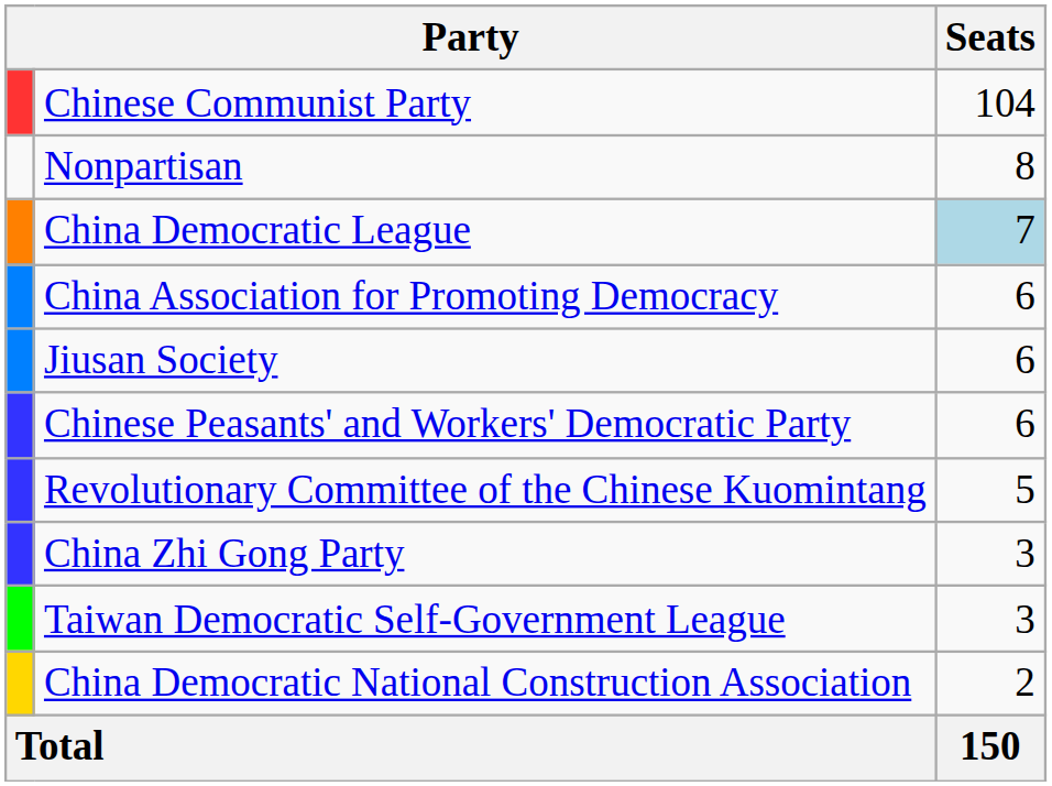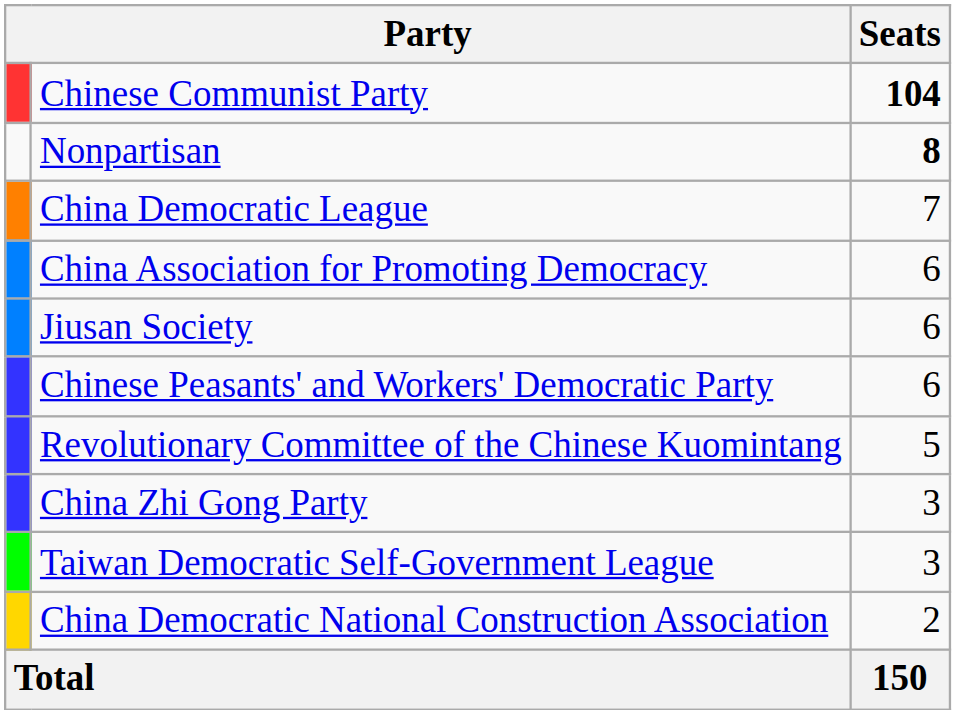 <table class="wikitable" style="text-align:right">
 <tr>
 <th colspan=2 align=left>Party</th>
 <th>Seats</th>
 </tr>
 <tr>
 <td style="background:#FF3333;"> </td>
 <td style="text-align:left;"><a href='#'>Chinese Communist Party</a></td>
-<td>104</td>
+<td><strong>104</strong></td>
 </tr>
 <tr>
 <td></td>
 <td style="text-align:left;"><a href='#'>Nonpartisan</a></td>
-<td>8</td>
+<td><strong>8</strong></td>
 </tr>
 <tr>
 <td style="background:#FF8000;"> </td>
 <td style="text-align:left;"><a href='#'>China Democratic League</a></td>
-<td style="background: lightblue;">7</td>
+<td>7</td>
 </tr>
 <tr>
 <td style="background:#0080FF;"> </td>
 <td style="text-align:left;"><a href='#'>China Association for Promoting Democracy</a></td>
 <td>6</td>
 </tr>
 <tr>
 <td style="background:#0080FF;"> </td>
 <td style="text-align:left;"><a href='#'>Jiusan Society</a></td>
 <td>6</td>
 </tr>
 <tr>
 <td style="background:#3333FF;"> </td>
 <td style="text-align:left;"><a href='#'>Chinese Peasants' and Workers' Democratic Party</a></td>
 <td>6</td>
 </tr>
 <tr>
 <td style="background:#3333FF;"> </td>
 <td style="text-align:left;"><a href='#'>Revolutionary Committee of the Chinese Kuomintang</a></td>
 <td>5</td>
 </tr>
 <tr>
 <td style="background:#3333FF;"> </td>
 <td style="text-align:left;"><a href='#'>China Zhi Gong Party</a></td>
 <td>3</td>
 </tr>
 <tr>
 <td style="background:#00FF00;"> </td>
 <td style="text-align:left;"><a href='#'>Taiwan Democratic Self-Government League</a></td>
 <td>3</td>
 </tr>
 <tr>
 <td style="background:#FFD700;"> </td>
 <td style="text-align:left;"><a href='#'>China Democratic National Construction Association</a></td>
 <td>2</td>
 </tr>
 <tr>
 <th colspan=2 style="text-align:left;"><strong>Total</strong></th>
 <th><strong>150</strong></th>
 </tr>
 </table>
